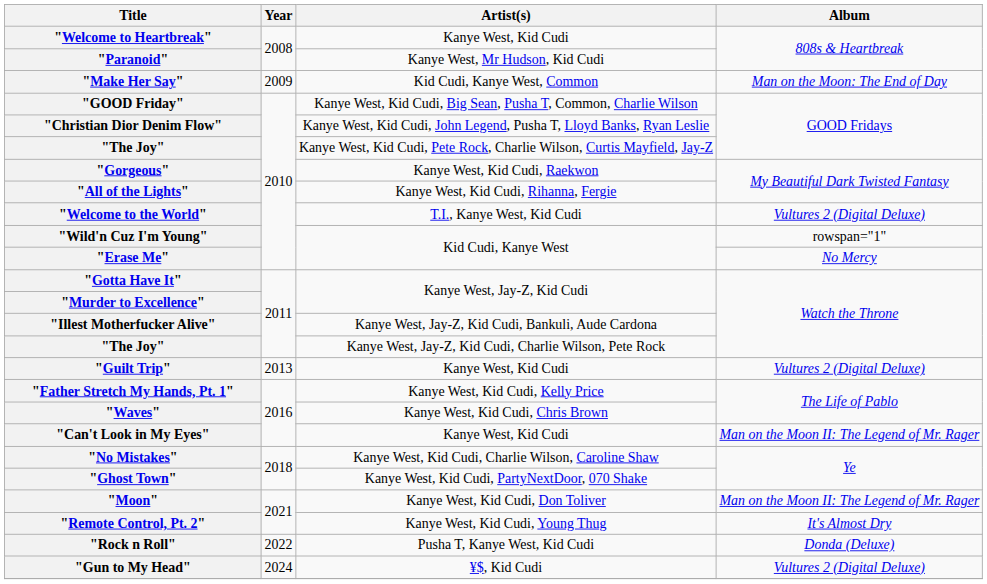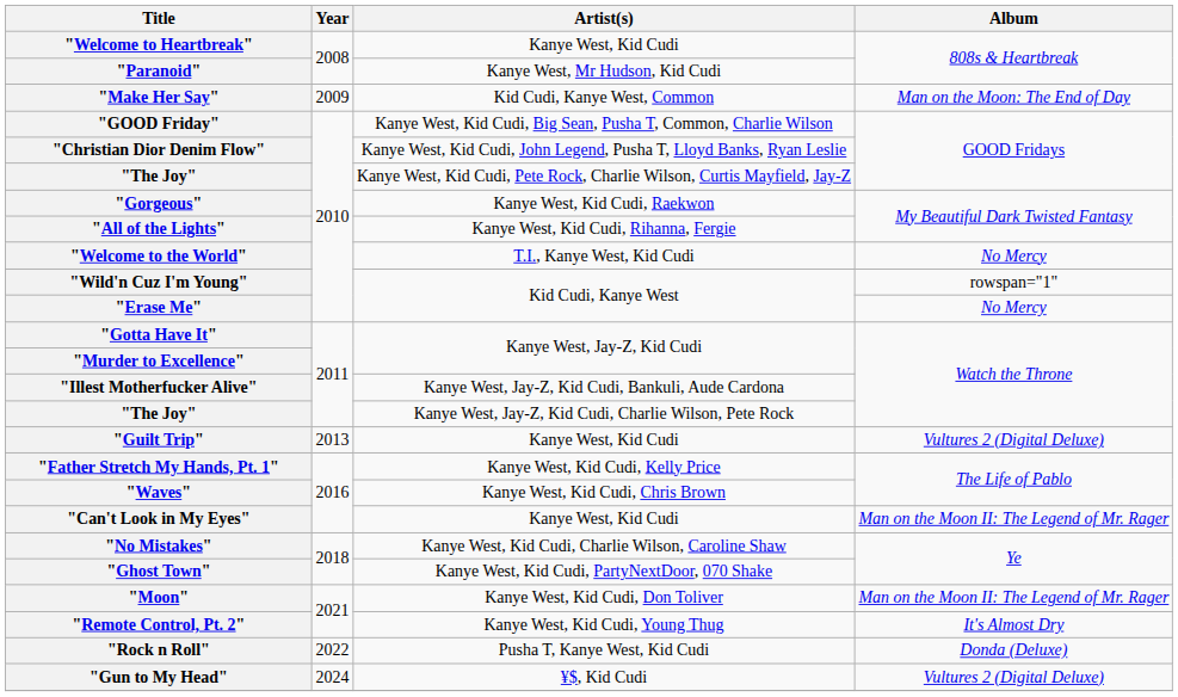 <table class="wikitable plainrowheaders" style="text-align:center;">
 <tr>
 <th scope="col" style="width:18em;">Title</th>
 <th scope="col">Year</th>
 <th scope="col">Artist(s)</th>
 <th scope="col">Album</th>
 </tr>
 <tr>
 <th scope="row">"<a href='#'>Welcome to Heartbreak</a>"</th>
 <td rowspan="2">2008</td>
 <td>Kanye West, Kid Cudi</td>
 <td rowspan="2"><em><a href='#'>808s & Heartbreak</a></em></td>
 </tr>
 <tr>
 <th scope="row">"<a href='#'>Paranoid</a>"</th>
 <td>Kanye West, <a href='#'>Mr Hudson</a>, Kid Cudi</td>
 </tr>
 <tr>
 <th scope="row">"<a href='#'>Make Her Say</a>"</th>
 <td>2009</td>
 <td>Kid Cudi, Kanye West, <a href='#'>Common</a></td>
 <td><em><a href='#'>Man on the Moon: The End of Day</a></em></td>
 </tr>
 <tr>
 <th scope="row">"GOOD Friday"</th>
 <td rowspan="8">2010</td>
 <td>Kanye West, Kid Cudi, <a href='#'>Big Sean</a>, <a href='#'>Pusha T</a>, Common, <a href='#'>Charlie Wilson</a></td>
 <td rowspan="3"><a href='#'>GOOD Fridays</a></td>
 </tr>
 <tr>
 <th scope="row">"Christian Dior Denim Flow"</th>
 <td>Kanye West, Kid Cudi, <a href='#'>John Legend</a>, Pusha T, <a href='#'>Lloyd Banks</a>, <a href='#'>Ryan Leslie</a></td>
 </tr>
 <tr>
 <th scope="row">"The Joy"</th>
 <td>Kanye West, Kid Cudi, <a href='#'>Pete Rock</a>, Charlie Wilson, <a href='#'>Curtis Mayfield</a>, <a href='#'>Jay-Z</a></td>
 </tr>
 <tr>
 <th scope="row">"<a href='#'>Gorgeous</a>"</th>
 <td>Kanye West, Kid Cudi, <a href='#'>Raekwon</a></td>
 <td rowspan="2"><em><a href='#'>My Beautiful Dark Twisted Fantasy</a></em></td>
 </tr>
 <tr>
 <th scope="row">"<a href='#'>All of the Lights</a>"</th>
 <td>Kanye West, Kid Cudi, <a href='#'>Rihanna</a>, <a href='#'>Fergie</a></td>
 </tr>
 <tr>
 <th scope="row">"<a href='#'>Welcome to the World</a>"</th>
 <td><a href='#'>T.I.</a>, Kanye West, Kid Cudi</td>
-<td><em><a href='#'>Vultures 2 (Digital Deluxe)</a></em></td>
+<td><em><a href='#'>No Mercy</a></em></td>
 </tr>
 <tr>
 <th scope="row">"Wild'n Cuz I'm Young"</th>
 <td rowspan="2">Kid Cudi, Kanye West</td>
 <td>rowspan="1" </td>
 </tr>
 <tr>
 <th scope="row">"<a href='#'>Erase Me</a>"</th>
 <td><em><a href='#'>No Mercy</a></em></td>
 </tr>
 <tr>
 <th scope="row">"<a href='#'>Gotta Have It</a>"</th>
 <td rowspan="4">2011</td>
 <td rowspan="2">Kanye West, Jay-Z, Kid Cudi</td>
 <td rowspan="4"><em><a href='#'>Watch the Throne</a></em></td>
 </tr>
 <tr>
 <th scope="row">"<a href='#'>Murder to Excellence</a>"</th>
 </tr>
 <tr>
 <th scope="row">"Illest Motherfucker Alive"</th>
 <td>Kanye West, Jay-Z, Kid Cudi, Bankuli, Aude Cardona</td>
 </tr>
 <tr>
 <th scope="row">"The Joy"</th>
 <td>Kanye West, Jay-Z, Kid Cudi, Charlie Wilson, Pete Rock</td>
 </tr>
 <tr>
 <th scope="row">"<a href='#'>Guilt Trip</a>"</th>
 <td rowspan="1">2013</td>
 <td>Kanye West, Kid Cudi</td>
 <td><em><a href='#'>Vultures 2 (Digital Deluxe)</a></em></td>
 </tr>
 <tr>
 <th scope="row">"<a href='#'>Father Stretch My Hands, Pt. 1</a>"</th>
 <td rowspan="3">2016</td>
 <td>Kanye West, Kid Cudi, <a href='#'>Kelly Price</a></td>
 <td rowspan="2"><em><a href='#'>The Life of Pablo</a></em></td>
 </tr>
 <tr>
 <th scope="row">"<a href='#'>Waves</a>"</th>
 <td>Kanye West, Kid Cudi, <a href='#'>Chris Brown</a></td>
 </tr>
 <tr>
 <th scope="row">"Can't Look in My Eyes"</th>
 <td>Kanye West, Kid Cudi</td>
 <td><em><a href='#'>Man on the Moon II: The Legend of Mr. Rager</a></em></td>
 </tr>
 <tr>
 <th scope="row">"<a href='#'>No Mistakes</a>"</th>
 <td rowspan="2">2018</td>
 <td>Kanye West, Kid Cudi, Charlie Wilson, <a href='#'>Caroline Shaw</a></td>
 <td rowspan="2"><em><a href='#'>Ye</a></em></td>
 </tr>
 <tr>
 <th scope="row">"<a href='#'>Ghost Town</a>"</th>
 <td>Kanye West, Kid Cudi, <a href='#'>PartyNextDoor</a>, <a href='#'>070 Shake</a></td>
 </tr>
 <tr>
 <th scope="row">"<a href='#'>Moon</a>"</th>
 <td rowspan="2">2021</td>
 <td>Kanye West, Kid Cudi, <a href='#'>Don Toliver</a></td>
 <td><em><a href='#'>Man on the Moon II: The Legend of Mr. Rager</a></em></td>
 </tr>
 <tr>
 <th scope="row">"<a href='#'>Remote Control, Pt. 2</a>"</th>
 <td>Kanye West, Kid Cudi, <a href='#'>Young Thug</a></td>
 <td><em><a href='#'>It's Almost Dry</a></em></td>
 </tr>
 <tr>
 <th scope="row">"Rock n Roll"</th>
 <td rowspan="1">2022</td>
 <td>Pusha T, Kanye West, Kid Cudi</td>
 <td><em><a href='#'>Donda (Deluxe)</a></em></td>
 </tr>
 <tr>
 <th scope="row">"Gun to My Head"</th>
 <td rowspan="1">2024</td>
 <td><a href='#'>¥$</a>, Kid Cudi</td>
 <td><em><a href='#'>Vultures 2 (Digital Deluxe)</a></em></td>
 </tr>
 <tr>
 </tr>
 </table>
